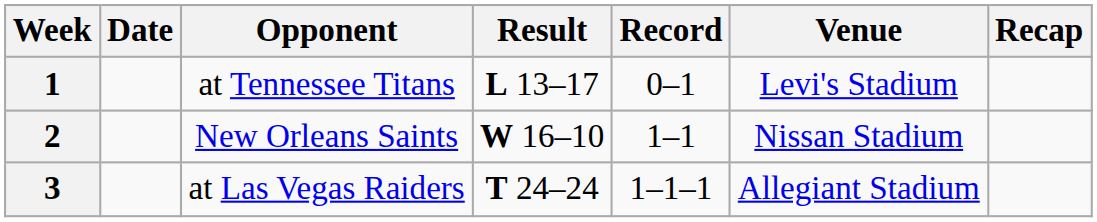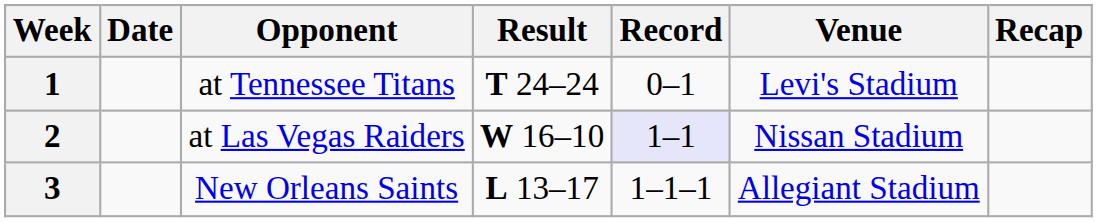 <table class="wikitable" style="text-align:center">
 <tr>
 <th>Week</th>
 <th>Date</th>
 <th>Opponent</th>
 <th>Result</th>
 <th>Record</th>
 <th>Venue</th>
 <th>Recap</th>
 </tr>
 <tr>
 <th>1</th>
 <td></td>
 <td>at <a href='#'>Tennessee Titans</a></td>
-<td><strong>L</strong> 13–17</td>
+<td><strong>T</strong> 24–24</td>
 <td>0–1</td>
 <td><a href='#'>Levi's Stadium</a></td>
 <td></td>
 </tr>
 <tr>
 <th>2</th>
 <td></td>
-<td><a href='#'>New Orleans Saints</a></td>
+<td>at <a href='#'>Las Vegas Raiders</a></td>
 <td><strong>W</strong> 16–10</td>
-<td>1–1</td>
+<td style="background: lavender;">1–1</td>
 <td><a href='#'>Nissan Stadium</a></td>
 <td></td>
 </tr>
 <tr>
 <th>3</th>
 <td></td>
-<td>at <a href='#'>Las Vegas Raiders</a></td>
-<td><strong>T</strong> 24–24</td>
+<td><a href='#'>New Orleans Saints</a></td>
+<td><strong>L</strong> 13–17</td>
 <td>1–1–1</td>
 <td><a href='#'>Allegiant Stadium</a></td>
 <td></td>
 </tr>
 </table>
